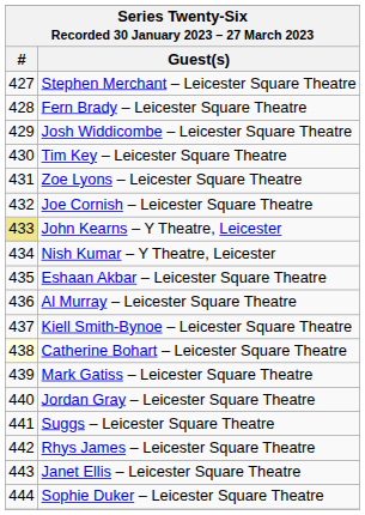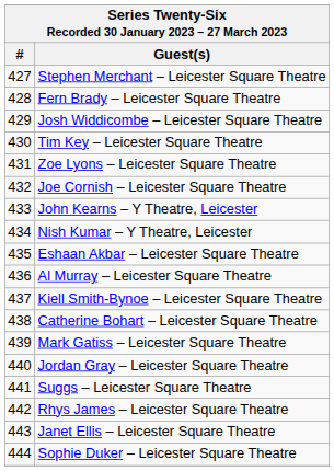 <table class="wikitable">
 <tr>
 </tr>
 <tr>
 <th colspan="3">Series Twenty-Six<br><small>Recorded 30 January 2023 – 27 March 2023 </small></th>
 </tr>
 <tr>
 <th>#</th>
 <th>Guest(s)</th>
 </tr>
 <tr>
 <td>427</td>
 <td><a href='#'>Stephen Merchant</a> – Leicester Square Theatre</td>
 </tr>
 <tr>
 <td>428</td>
 <td><a href='#'>Fern Brady</a> – Leicester Square Theatre</td>
 </tr>
 <tr>
 <td>429</td>
 <td><a href='#'>Josh Widdicombe</a> – Leicester Square Theatre</td>
 </tr>
 <tr>
 <td>430</td>
 <td><a href='#'>Tim Key</a> – Leicester Square Theatre</td>
 </tr>
 <tr>
 <td>431</td>
 <td><a href='#'>Zoe Lyons</a> – Leicester Square Theatre</td>
 </tr>
 <tr>
 <td>432</td>
 <td><a href='#'>Joe Cornish</a> – Leicester Square Theatre</td>
 </tr>
 <tr>
-<td style="background: khaki;">433</td>
+<td>433</td>
 <td><a href='#'>John Kearns</a> – Y Theatre, <a href='#'>Leicester</a></td>
 </tr>
 <tr>
 <td>434</td>
 <td><a href='#'>Nish Kumar</a> – Y Theatre, Leicester</td>
 </tr>
 <tr>
 <td>435</td>
 <td><a href='#'>Eshaan Akbar</a> – Leicester Square Theatre</td>
 </tr>
 <tr>
 <td>436</td>
 <td><a href='#'>Al Murray</a> – Leicester Square Theatre</td>
 </tr>
 <tr>
 <td>437</td>
 <td><a href='#'>Kiell Smith-Bynoe</a> – Leicester Square Theatre</td>
 </tr>
 <tr>
-<td style="background: lightyellow;">438</td>
+<td>438</td>
 <td><a href='#'>Catherine Bohart</a> – Leicester Square Theatre</td>
 </tr>
 <tr>
 <td>439</td>
 <td><a href='#'>Mark Gatiss</a> – Leicester Square Theatre</td>
 </tr>
 <tr>
 <td>440</td>
 <td><a href='#'>Jordan Gray</a> – Leicester Square Theatre</td>
 </tr>
 <tr>
 <td>441</td>
 <td><a href='#'>Suggs</a> – Leicester Square Theatre</td>
 </tr>
 <tr>
 <td>442</td>
 <td><a href='#'>Rhys James</a> – Leicester Square Theatre</td>
 </tr>
 <tr>
 <td>443</td>
 <td><a href='#'>Janet Ellis</a> – Leicester Square Theatre</td>
 </tr>
 <tr>
 <td>444</td>
 <td><a href='#'>Sophie Duker</a> – Leicester Square Theatre</td>
 </tr>
 <tr>
 </tr>
 </table>
